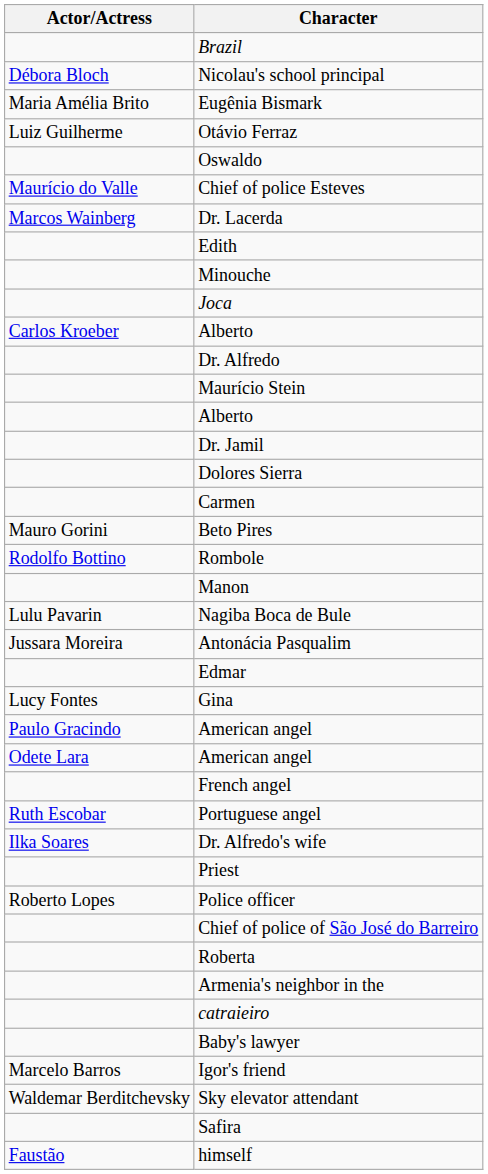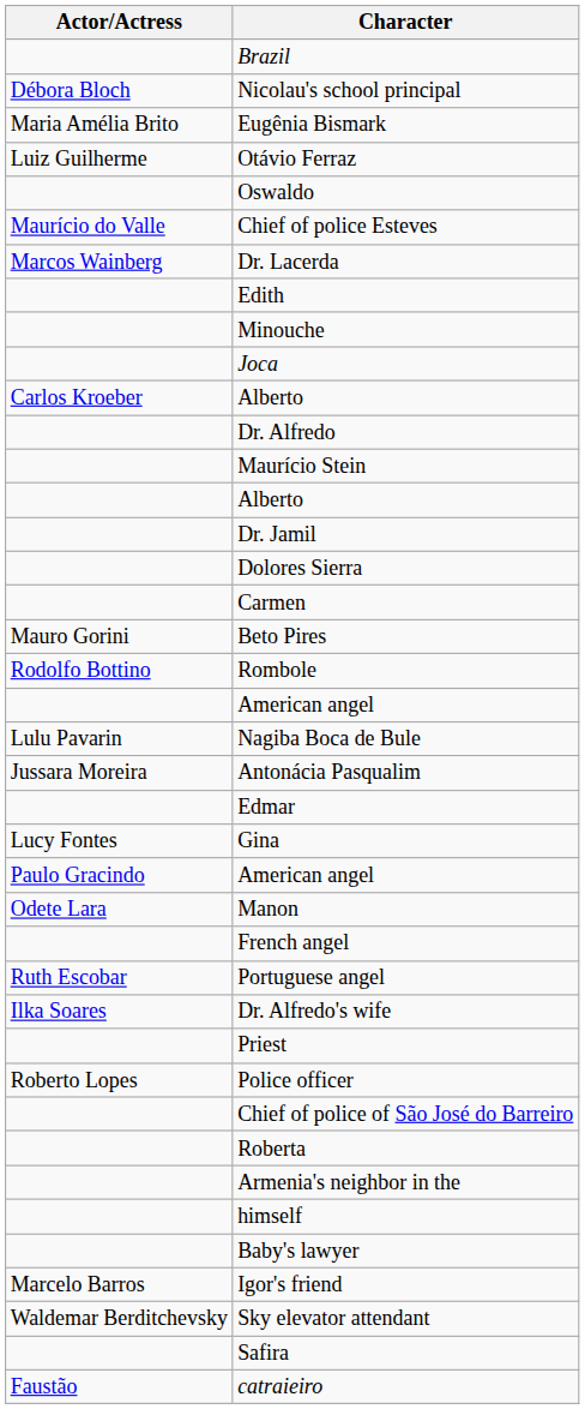 <table class="wikitable sortable">
 <tr>
 <th>Actor/Actress</th>
 <th>Character</th>
 </tr>
 <tr>
 <td></td>
 <td><em>Brazil</em></td>
 </tr>
 <tr>
 <td><a href='#'>Débora Bloch</a></td>
 <td>Nicolau's school principal</td>
 </tr>
 <tr>
 <td>Maria Amélia Brito</td>
 <td>Eugênia Bismark </td>
 </tr>
 <tr>
 <td>Luiz Guilherme</td>
 <td>Otávio Ferraz</td>
 </tr>
 <tr>
 <td></td>
 <td>Oswaldo</td>
 </tr>
 <tr>
 <td><a href='#'>Maurício do Valle</a></td>
 <td>Chief of police Esteves</td>
 </tr>
 <tr>
 <td><a href='#'>Marcos Wainberg</a></td>
 <td>Dr. Lacerda</td>
 </tr>
 <tr>
 <td></td>
 <td>Edith</td>
 </tr>
 <tr>
 <td></td>
 <td>Minouche</td>
 </tr>
 <tr>
 <td></td>
 <td><em>Joca</em></td>
 </tr>
 <tr>
 <td><a href='#'>Carlos Kroeber</a></td>
 <td>Alberto</td>
 </tr>
 <tr>
 <td></td>
 <td>Dr. Alfredo</td>
 </tr>
 <tr>
 <td></td>
 <td>Maurício Stein</td>
 </tr>
 <tr>
 <td></td>
 <td>Alberto</td>
 </tr>
 <tr>
 <td></td>
 <td>Dr. Jamil</td>
 </tr>
 <tr>
 <td></td>
 <td>Dolores Sierra</td>
 </tr>
 <tr>
 <td></td>
 <td>Carmen</td>
 </tr>
 <tr>
 <td>Mauro Gorini</td>
 <td>Beto Pires</td>
 </tr>
 <tr>
 <td><a href='#'>Rodolfo Bottino</a></td>
 <td>Rombole</td>
 </tr>
 <tr>
 <td></td>
-<td>Manon</td>
+<td>American angel</td>
 </tr>
 <tr>
 <td>Lulu Pavarin</td>
 <td>Nagiba Boca de Bule</td>
 </tr>
 <tr>
 <td>Jussara Moreira</td>
 <td>Antonácia Pasqualim</td>
 </tr>
 <tr>
 <td></td>
 <td>Edmar</td>
 </tr>
 <tr>
 <td>Lucy Fontes</td>
 <td>Gina</td>
 </tr>
 <tr>
 <td><a href='#'>Paulo Gracindo</a></td>
 <td>American angel</td>
 </tr>
 <tr>
 <td><a href='#'>Odete Lara</a></td>
-<td>American angel</td>
+<td>Manon</td>
 </tr>
 <tr>
 <td></td>
 <td>French angel</td>
 </tr>
 <tr>
 <td><a href='#'>Ruth Escobar</a></td>
 <td>Portuguese angel</td>
 </tr>
 <tr>
 <td><a href='#'>Ilka Soares</a></td>
 <td>Dr. Alfredo's wife</td>
 </tr>
 <tr>
 <td></td>
 <td>Priest</td>
 </tr>
 <tr>
 <td>Roberto Lopes</td>
 <td>Police officer</td>
 </tr>
 <tr>
 <td></td>
 <td>Chief of police of <a href='#'>São José do Barreiro</a></td>
 </tr>
 <tr>
 <td></td>
 <td>Roberta</td>
 </tr>
 <tr>
 <td></td>
 <td>Armenia's neighbor in the </td>
 </tr>
 <tr>
 <td></td>
-<td><em>catraieiro</em></td>
+<td>himself</td>
 </tr>
 <tr>
 <td></td>
 <td>Baby's lawyer</td>
 </tr>
 <tr>
 <td>Marcelo Barros</td>
 <td>Igor's friend</td>
 </tr>
 <tr>
 <td>Waldemar Berditchevsky</td>
 <td>Sky elevator attendant</td>
 </tr>
 <tr>
 <td></td>
 <td>Safira</td>
 </tr>
 <tr>
 <td><a href='#'>Faustão</a></td>
-<td>himself</td>
+<td><em>catraieiro</em></td>
 </tr>
 </table>
